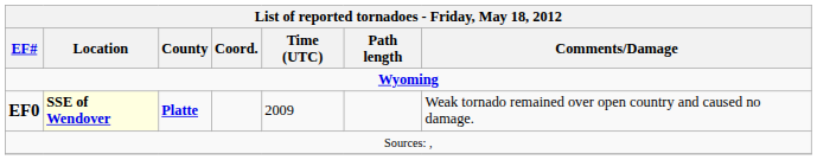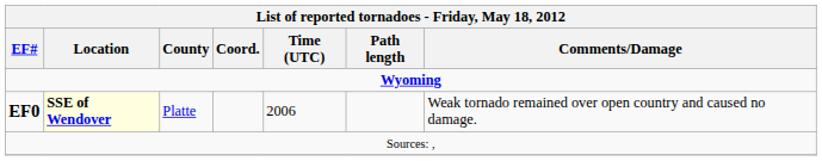 <table class="wikitable collapsible" width="100%">
 <tr>
 <th colspan="7">List of reported tornadoes - Friday, May 18, 2012</th>
 </tr>
 <tr>
 <th><a href='#'>EF#</a></th>
 <th>Location</th>
 <th>County</th>
 <th>Coord.</th>
 <th>Time (UTC)</th>
 <th>Path length</th>
 <th>Comments/Damage</th>
 </tr>
 <tr>
 <td colspan="7" align=center><strong><a href='#'>Wyoming</a></strong></td>
 </tr>
 <tr>
 <td><big><strong>EF0</strong></big></td>
 <td style="background: lightyellow;"><strong>SSE of <a href='#'>Wendover</a></strong></td>
-<td><strong><a href='#'>Platte</a></strong></td>
+<td><a href='#'>Platte</a></td>
 <td></td>
-<td>2009</td>
+<td>2006</td>
 <td></td>
 <td>Weak tornado remained over open country and caused no damage.</td>
 </tr>
 <tr>
 <td colspan="7" align=center><small>Sources: , </small></td>
 </tr>
 <tr>
 </tr>
 </table>
